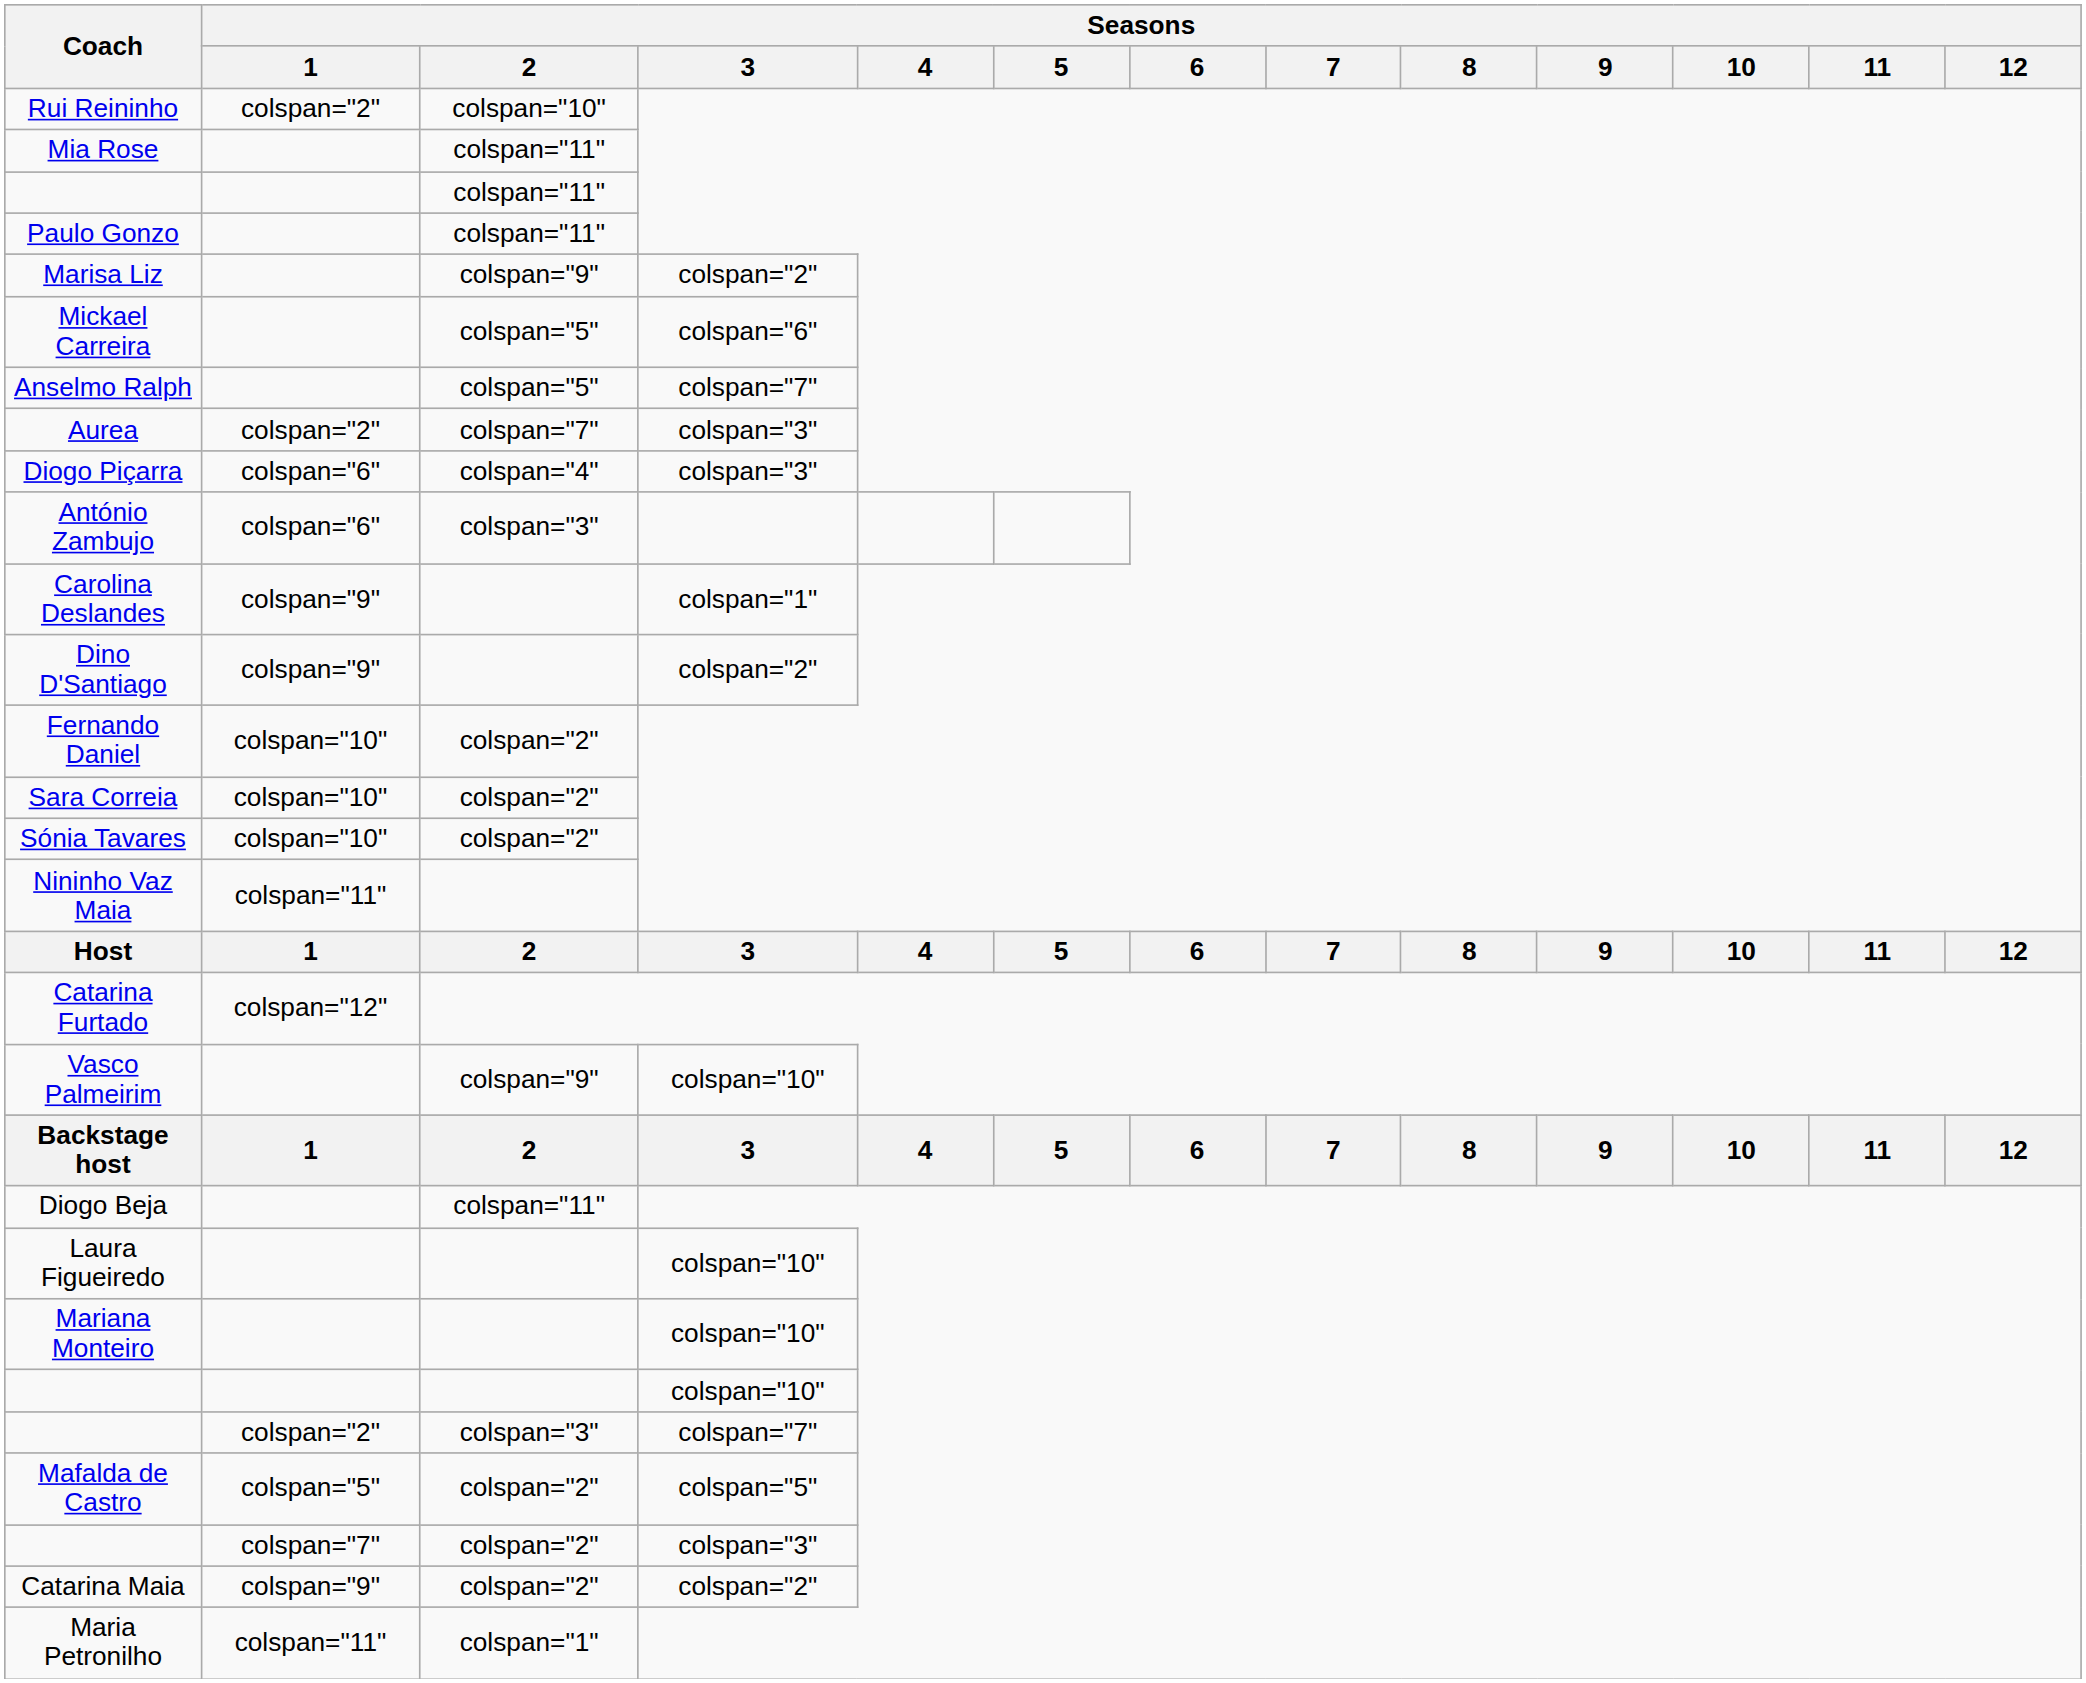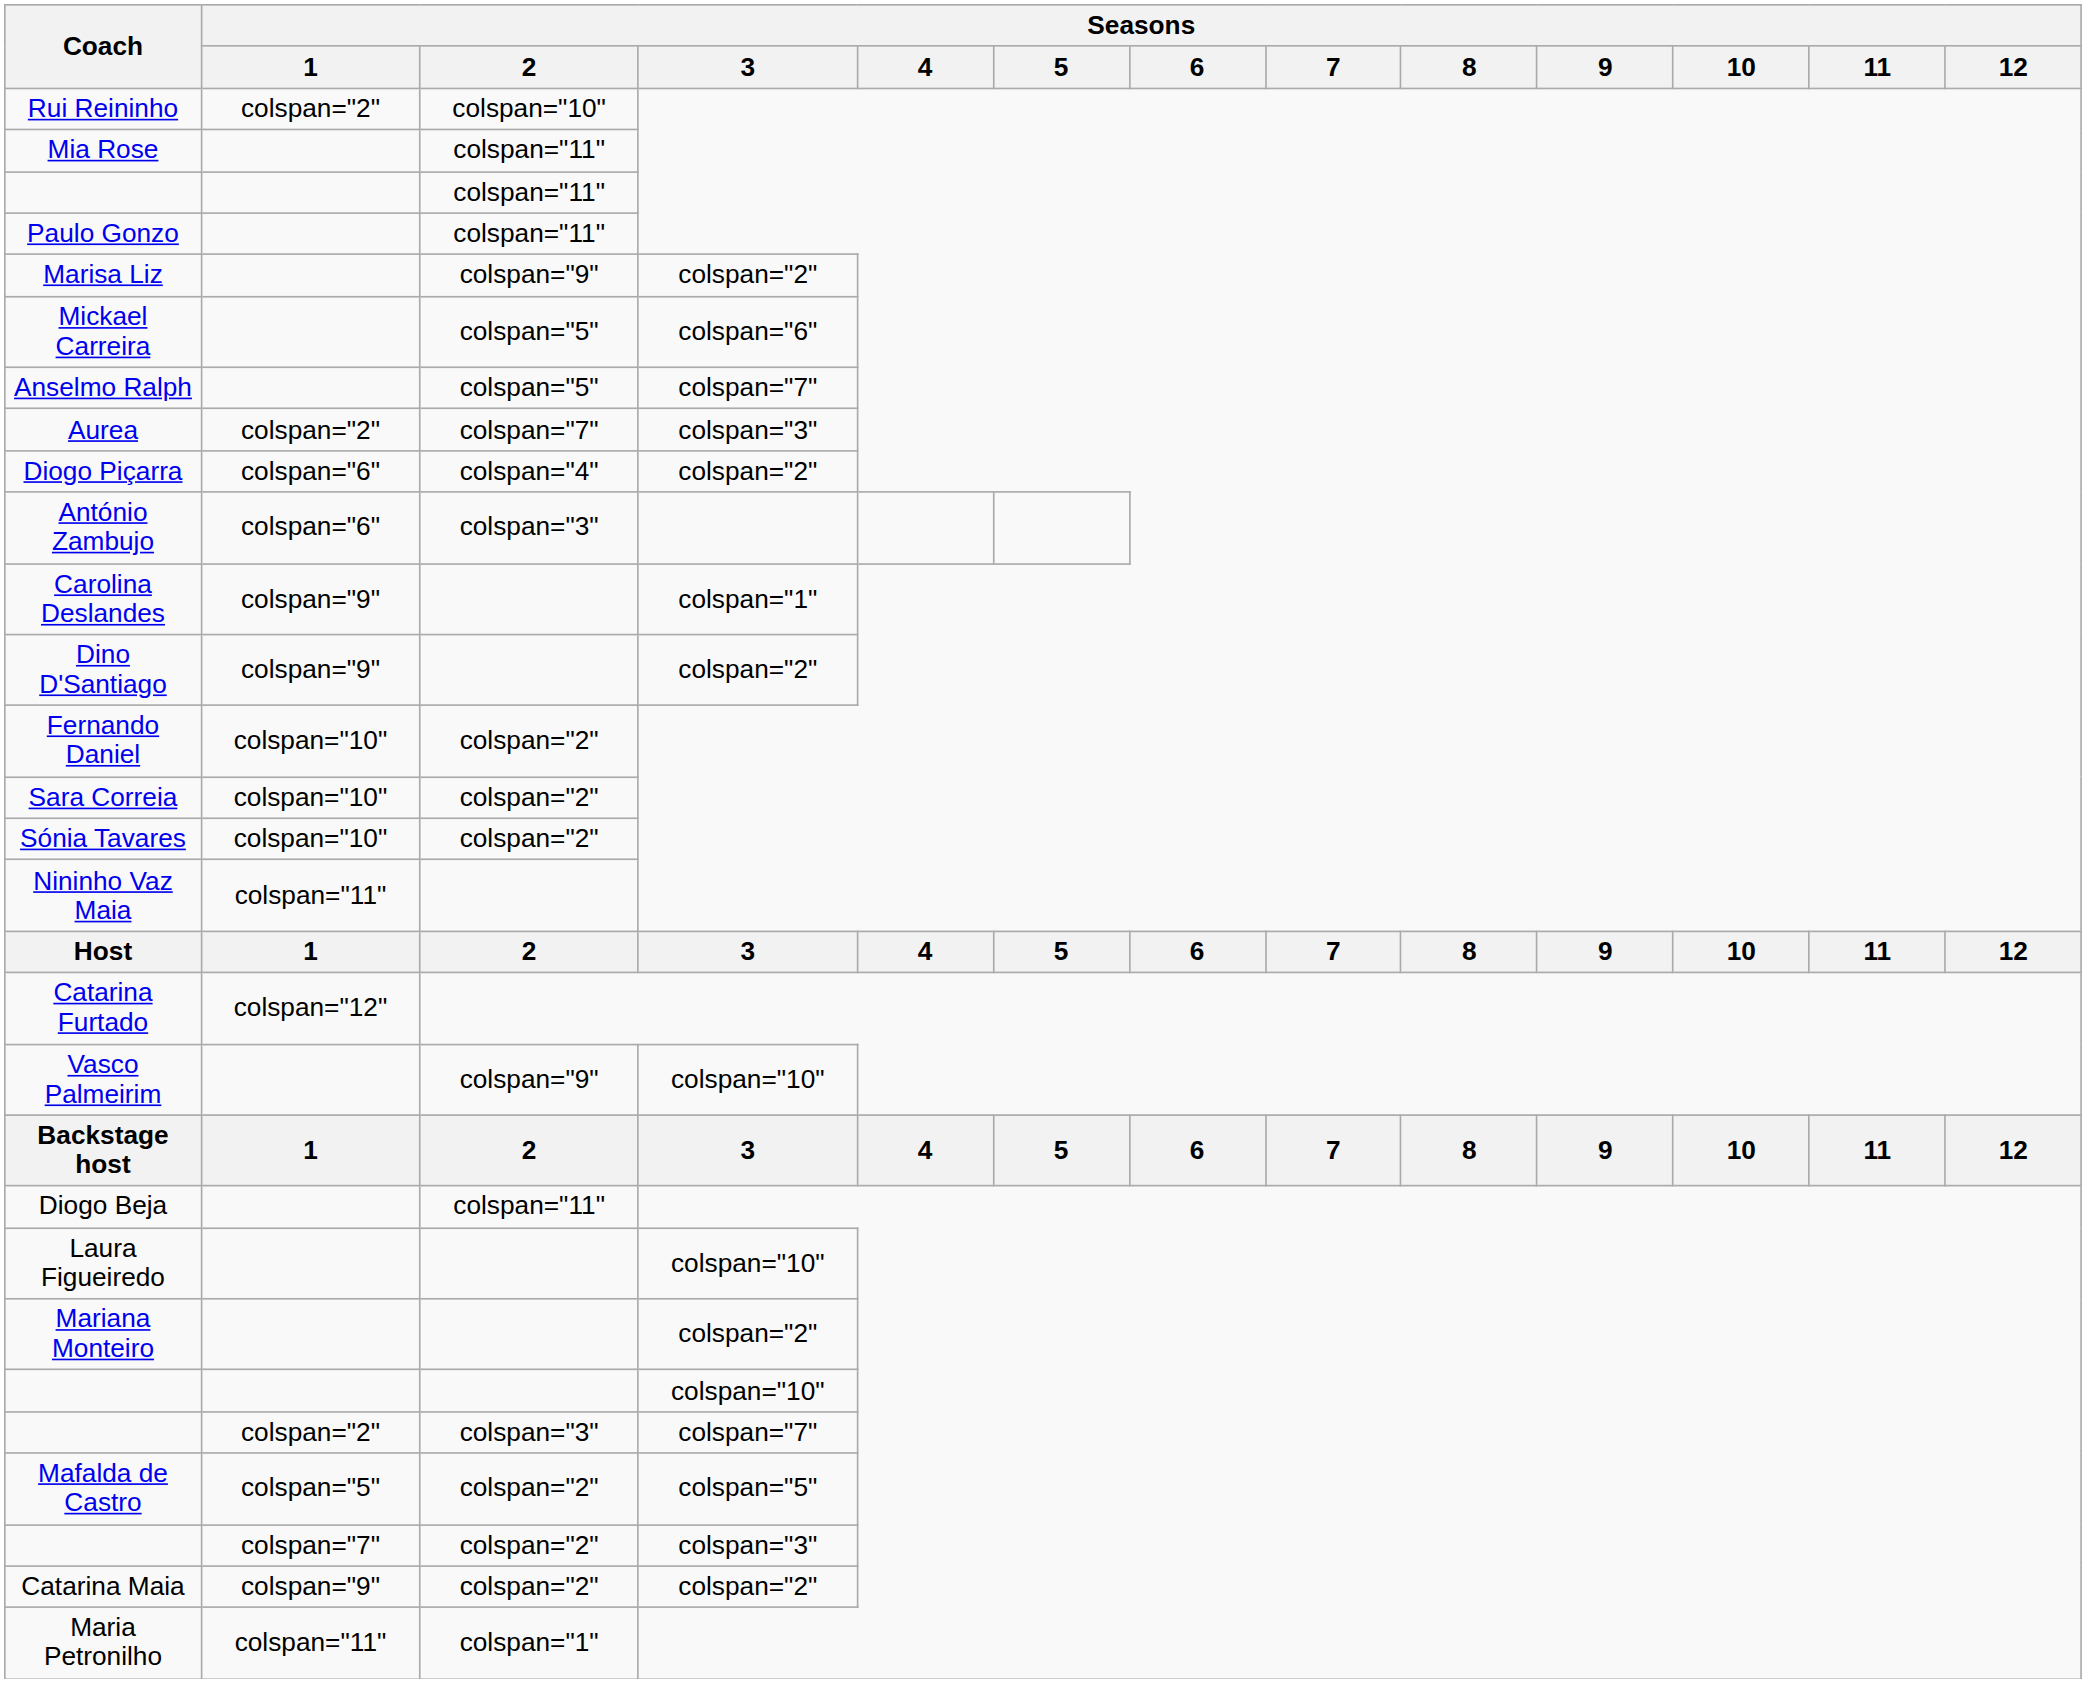 <table class="wikitable nowrap" style="width:80%; text-align:center">
 <tr>
 <th rowspan="2" width="04%">Coach</th>
 <th colspan="12">Seasons</th>
 </tr>
 <tr>
 <th width="04%">1</th>
 <th width="04%">2</th>
 <th width="04%">3</th>
 <th width="04%">4</th>
 <th width="04%">5</th>
 <th width="04%">6</th>
 <th width="04%">7</th>
 <th width="04%">8</th>
 <th width="04%">9</th>
 <th width="04%">10</th>
 <th width="04%">11</th>
 <th width="04%">12</th>
 </tr>
 <tr>
 <td><a href='#'>Rui Reininho</a></td>
 <td>colspan="2" </td>
 <td>colspan="10" </td>
 </tr>
 <tr>
 <td><a href='#'>Mia Rose</a></td>
 <td></td>
 <td>colspan="11" </td>
 </tr>
 <tr>
 <td></td>
 <td></td>
 <td>colspan="11" </td>
 </tr>
 <tr>
 <td><a href='#'>Paulo Gonzo</a></td>
 <td></td>
 <td>colspan="11" </td>
 </tr>
 <tr>
 <td><a href='#'>Marisa Liz</a></td>
 <td></td>
 <td>colspan="9" </td>
 <td>colspan="2" </td>
 </tr>
 <tr>
 <td><a href='#'>Mickael Carreira</a></td>
 <td></td>
 <td>colspan="5" </td>
 <td>colspan="6" </td>
 </tr>
 <tr>
 <td><a href='#'>Anselmo Ralph</a></td>
 <td></td>
 <td>colspan="5" </td>
 <td>colspan="7" </td>
 </tr>
 <tr>
 <td><a href='#'>Aurea</a></td>
 <td>colspan="2" </td>
 <td>colspan="7" </td>
 <td>colspan="3" </td>
 </tr>
 <tr>
 <td><a href='#'>Diogo Piçarra</a></td>
 <td>colspan="6" </td>
 <td>colspan="4" </td>
-<td>colspan="3" </td>
+<td>colspan="2" </td>
 </tr>
 <tr>
 <td><a href='#'>António Zambujo</a></td>
 <td>colspan="6" </td>
 <td>colspan="3" </td>
 <td></td>
 <td></td>
 <td></td>
 </tr>
 <tr>
 <td><a href='#'>Carolina Deslandes</a></td>
 <td>colspan="9" </td>
 <td></td>
 <td>colspan="1" </td>
 </tr>
 <tr>
 <td><a href='#'>Dino D'Santiago</a></td>
 <td>colspan="9" </td>
 <td></td>
 <td>colspan="2" </td>
 </tr>
 <tr>
 <td><a href='#'>Fernando Daniel</a></td>
 <td>colspan="10" </td>
 <td>colspan="2" </td>
 </tr>
 <tr>
 <td><a href='#'>Sara Correia</a></td>
 <td>colspan="10" </td>
 <td>colspan="2" </td>
 </tr>
 <tr>
 <td><a href='#'>Sónia Tavares</a></td>
 <td>colspan="10" </td>
 <td>colspan="2" </td>
 </tr>
 <tr>
 <td><a href='#'>Nininho Vaz Maia</a></td>
 <td>colspan="11" </td>
 <td></td>
 </tr>
 <tr>
 <th>Host</th>
 <th>1</th>
 <th>2</th>
 <th>3</th>
 <th>4</th>
 <th>5</th>
 <th>6</th>
 <th>7</th>
 <th>8</th>
 <th>9</th>
 <th>10</th>
 <th>11</th>
 <th>12</th>
 </tr>
 <tr>
 <td><a href='#'>Catarina Furtado</a></td>
 <td>colspan="12" </td>
 </tr>
 <tr>
 <td><a href='#'>Vasco Palmeirim</a></td>
 <td></td>
 <td>colspan="9"</td>
 <td>colspan="10" </td>
 </tr>
 <tr>
 <th>Backstage host</th>
 <th>1</th>
 <th>2</th>
 <th>3</th>
 <th>4</th>
 <th>5</th>
 <th>6</th>
 <th>7</th>
 <th>8</th>
 <th>9</th>
 <th>10</th>
 <th>11</th>
 <th>12</th>
 </tr>
 <tr>
 <td>Diogo Beja</td>
 <td></td>
 <td>colspan="11" </td>
 </tr>
 <tr>
 <td>Laura Figueiredo</td>
 <td></td>
 <td></td>
 <td>colspan="10" </td>
 </tr>
 <tr>
 <td><a href='#'>Mariana Monteiro</a></td>
 <td></td>
 <td></td>
-<td>colspan="10" </td>
+<td>colspan="2" </td>
 </tr>
 <tr>
 <td></td>
 <td></td>
 <td></td>
 <td>colspan="10" </td>
 </tr>
 <tr>
 <td></td>
 <td>colspan="2" </td>
 <td>colspan="3" </td>
 <td>colspan="7" </td>
 </tr>
 <tr>
 <td><a href='#'>Mafalda de Castro</a></td>
 <td>colspan="5" </td>
 <td>colspan="2" </td>
 <td>colspan="5" </td>
 </tr>
 <tr>
 <td></td>
 <td>colspan="7" </td>
 <td>colspan="2" </td>
 <td>colspan="3"</td>
 </tr>
 <tr>
 <td>Catarina Maia</td>
 <td>colspan="9" </td>
 <td>colspan="2" </td>
 <td>colspan="2" </td>
 </tr>
 <tr>
 <td>Maria Petronilho</td>
 <td>colspan="11" </td>
 <td>colspan="1" </td>
 </tr>
 </table>
